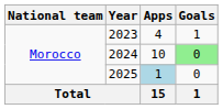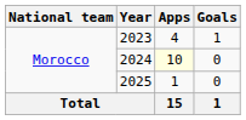 <table class=wikitable style="text-align: center">
 <tr>
 <th>National team</th>
 <th>Year</th>
 <th>Apps</th>
 <th>Goals</th>
 </tr>
 <tr>
 <td rowspan="3"><a href='#'>Morocco</a></td>
 <td>2023</td>
 <td>4</td>
 <td>1</td>
 </tr>
 <tr>
 <td>2024</td>
-<td>10</td>
-<td style="background: lightgreen;">0</td>
+<td style="background: lightyellow;">10</td>
+<td>0</td>
 </tr>
 <tr>
 <td>2025</td>
-<td style="background: lightblue;">1</td>
+<td>1</td>
 <td>0</td>
 </tr>
 <tr>
 <th colspan="2">Total</th>
 <th>15</th>
 <th>1</th>
 </tr>
 </table>
